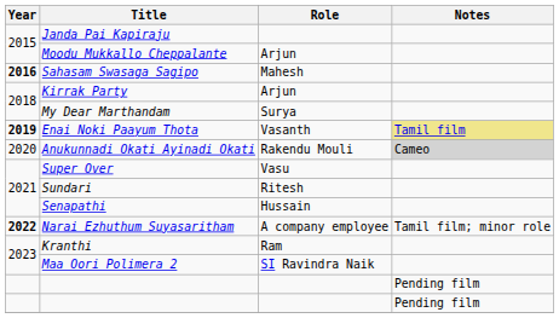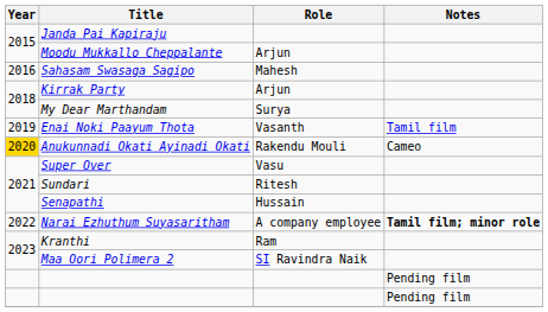 <table class="wikitable sortable">
 <tr>
 <th scope="col">Year</th>
 <th scope="col">Title</th>
 <th scope="col">Role</th>
 <th class="unsortable" scope="col">Notes</th>
 </tr>
 <tr>
 <td rowspan="2">2015</td>
 <td><em><a href='#'>Janda Pai Kapiraju</a></em></td>
 <td></td>
 <td></td>
 </tr>
 <tr>
 <td><em><a href='#'>Moodu Mukkallo Cheppalante</a></em></td>
 <td>Arjun</td>
 <td></td>
 </tr>
 <tr>
-<td><strong>2016</strong></td>
+<td>2016</td>
 <td><em><a href='#'>Sahasam Swasaga Sagipo</a></em></td>
 <td>Mahesh</td>
 <td></td>
 </tr>
 <tr>
 <td rowspan="2">2018</td>
 <td><em><a href='#'>Kirrak Party</a></em></td>
 <td>Arjun</td>
 <td></td>
 </tr>
 <tr>
 <td><em>My Dear Marthandam</em></td>
 <td>Surya</td>
 <td></td>
 </tr>
 <tr>
-<td><strong>2019</strong></td>
+<td>2019</td>
 <td><em><a href='#'>Enai Noki Paayum Thota</a></em></td>
 <td>Vasanth</td>
-<td style="background: khaki;"><a href='#'>Tamil film</a></td>
+<td><a href='#'>Tamil film</a></td>
 </tr>
 <tr>
-<td>2020</td>
+<td style="background: gold;">2020</td>
 <td><em><a href='#'>Anukunnadi Okati Ayinadi Okati</a></em></td>
 <td>Rakendu Mouli</td>
-<td style="background: lightgrey;">Cameo</td>
+<td>Cameo</td>
 </tr>
 <tr>
 <td rowspan="3">2021</td>
 <td><em><a href='#'>Super Over</a></em></td>
 <td>Vasu</td>
 <td></td>
 </tr>
 <tr>
 <td><em>Sundari</em></td>
 <td>Ritesh</td>
 <td></td>
 </tr>
 <tr>
 <td><em><a href='#'>Senapathi</a></em></td>
 <td>Hussain</td>
 <td></td>
 </tr>
 <tr>
-<td><strong>2022</strong></td>
+<td>2022</td>
 <td><em><a href='#'>Narai Ezhuthum Suyasaritham</a></em></td>
 <td>A company employee</td>
-<td>Tamil film; minor role</td>
+<td><strong>Tamil film; minor role</strong></td>
 </tr>
 <tr>
 <td rowspan="2">2023</td>
 <td><em>Kranthi</em></td>
 <td>Ram</td>
 <td></td>
 </tr>
 <tr>
 <td><em><a href='#'>Maa Oori Polimera 2</a></em></td>
 <td><a href='#'>SI</a> Ravindra Naik</td>
 <td></td>
 </tr>
 <tr>
 <td></td>
 <td></td>
 <td></td>
 <td>Pending film</td>
 </tr>
 <tr>
 <td></td>
 <td></td>
 <td></td>
 <td>Pending film</td>
 </tr>
 <tr>
 </tr>
 </table>
